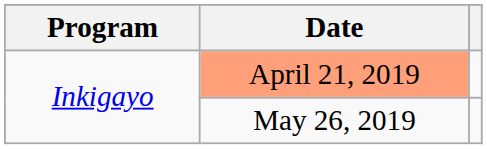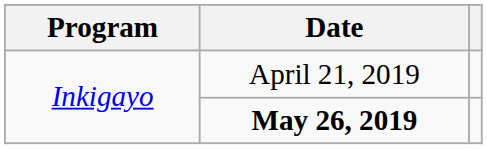 <table class="wikitable" style="text-align:center;">
 <tr>
 <th width="100">Program</th>
 <th width="140">Date</th>
 <th class="unsortable"></th>
 </tr>
 <tr>
 <td scope="row" rowspan="2"><em><a href='#'>Inkigayo</a></em></td>
-<td style="background: lightsalmon;">April 21, 2019</td>
+<td>April 21, 2019</td>
 <td style="text-align:center;"></td>
 </tr>
 <tr>
-<td>May 26, 2019</td>
+<td><strong>May 26, 2019</strong></td>
 <td style="text-align:center;"></td>
 </tr>
 </table>
